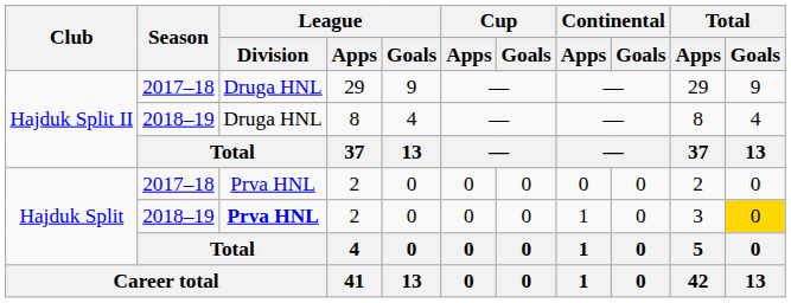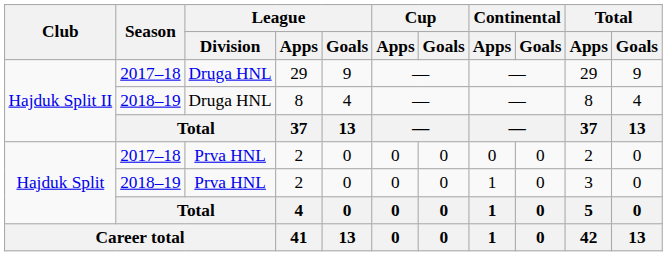 <table class="wikitable" style="text-align: center;">
 <tr>
 <th rowspan="2">Club</th>
 <th rowspan="2">Season</th>
 <th colspan="3">League</th>
 <th colspan="2">Cup</th>
 <th colspan="2">Continental</th>
 <th colspan="2">Total</th>
 </tr>
 <tr>
 <th>Division</th>
 <th>Apps</th>
 <th>Goals</th>
 <th>Apps</th>
 <th>Goals</th>
 <th>Apps</th>
 <th>Goals</th>
 <th>Apps</th>
 <th>Goals</th>
 </tr>
 <tr>
 <td rowspan="3"><a href='#'>Hajduk Split II</a></td>
 <td><a href='#'>2017–18</a></td>
 <td><a href='#'>Druga HNL</a></td>
 <td>29</td>
 <td>9</td>
 <td colspan="2">—</td>
 <td colspan="2">—</td>
 <td>29</td>
 <td>9</td>
 </tr>
 <tr>
 <td><a href='#'>2018–19</a></td>
 <td>Druga HNL</td>
 <td>8</td>
 <td>4</td>
 <td colspan="2">—</td>
 <td colspan="2">—</td>
 <td>8</td>
 <td>4</td>
 </tr>
 <tr>
 <th colspan="2">Total</th>
 <th>37</th>
 <th>13</th>
 <th colspan="2">—</th>
 <th colspan="2">—</th>
 <th>37</th>
 <th>13</th>
 </tr>
 <tr>
 <td rowspan="3"><a href='#'>Hajduk Split</a></td>
 <td><a href='#'>2017–18</a></td>
 <td><a href='#'>Prva HNL</a></td>
 <td>2</td>
 <td>0</td>
 <td>0</td>
 <td>0</td>
 <td>0</td>
 <td>0</td>
 <td>2</td>
 <td>0</td>
 </tr>
 <tr>
 <td><a href='#'>2018–19</a></td>
-<td><strong><a href='#'>Prva HNL</a></strong></td>
+<td><a href='#'>Prva HNL</a></td>
 <td>2</td>
 <td>0</td>
 <td>0</td>
 <td>0</td>
 <td>1</td>
 <td>0</td>
 <td>3</td>
-<td style="background: gold;">0</td>
+<td>0</td>
 </tr>
 <tr>
 <th colspan="2">Total</th>
 <th>4</th>
 <th>0</th>
 <th>0</th>
 <th>0</th>
 <th>1</th>
 <th>0</th>
 <th>5</th>
 <th>0</th>
 </tr>
 <tr>
 <th colspan="3">Career total</th>
 <th>41</th>
 <th>13</th>
 <th>0</th>
 <th>0</th>
 <th>1</th>
 <th>0</th>
 <th>42</th>
 <th>13</th>
 </tr>
 </table>
